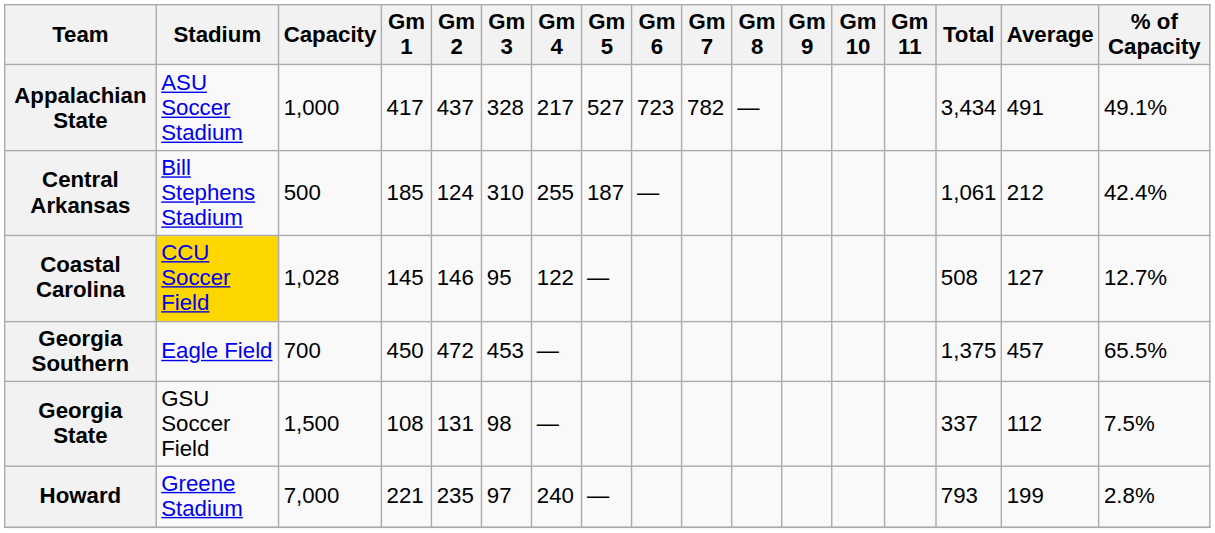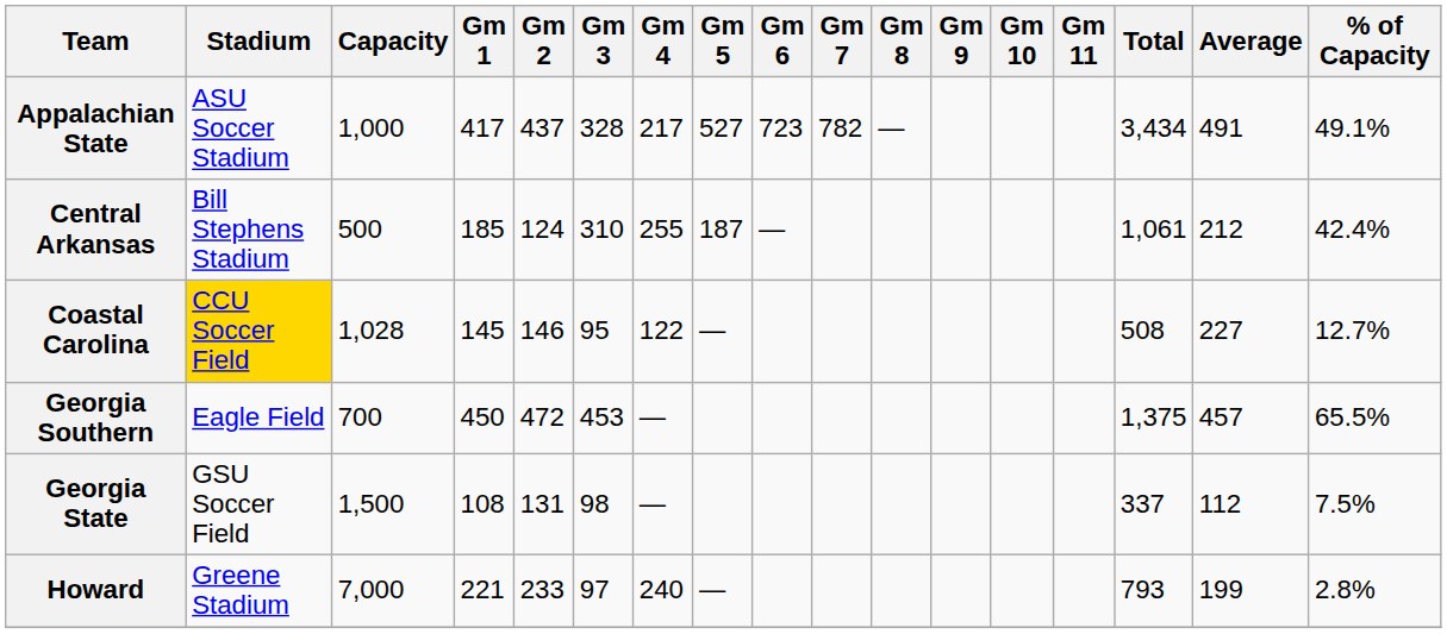 <table class="wikitable sortable">
 <tr>
 <th>Team</th>
 <th>Stadium</th>
 <th>Capacity</th>
 <th>Gm 1</th>
 <th>Gm 2</th>
 <th>Gm 3</th>
 <th>Gm 4</th>
 <th>Gm 5</th>
 <th>Gm 6</th>
 <th>Gm 7</th>
 <th>Gm 8</th>
 <th>Gm 9</th>
 <th>Gm 10</th>
 <th>Gm 11</th>
 <th>Total</th>
 <th>Average</th>
 <th>% of Capacity</th>
 </tr>
 <tr>
 <th>Appalachian State</th>
 <td><a href='#'>ASU Soccer Stadium</a></td>
 <td>1,000</td>
 <td>417</td>
 <td>437</td>
 <td>328</td>
 <td>217</td>
 <td>527</td>
 <td>723</td>
 <td>782</td>
 <td>—</td>
 <td></td>
 <td></td>
 <td></td>
 <td>3,434</td>
 <td>491</td>
 <td>49.1%</td>
 </tr>
 <tr>
 <th>Central Arkansas</th>
 <td><a href='#'>Bill Stephens Stadium</a></td>
 <td>500</td>
 <td>185</td>
 <td>124</td>
 <td>310</td>
 <td>255</td>
 <td>187</td>
 <td>—</td>
 <td></td>
 <td></td>
 <td></td>
 <td></td>
 <td></td>
 <td>1,061</td>
 <td>212</td>
 <td>42.4%</td>
 </tr>
 <tr>
 <th>Coastal Carolina</th>
 <td style="background: gold;"><a href='#'>CCU Soccer Field</a></td>
 <td>1,028</td>
 <td>145</td>
 <td>146</td>
 <td>95</td>
 <td>122</td>
 <td>—</td>
 <td></td>
 <td></td>
 <td></td>
 <td></td>
 <td></td>
 <td></td>
 <td>508</td>
-<td>127</td>
+<td>227</td>
 <td>12.7%</td>
 </tr>
 <tr>
 <th>Georgia Southern</th>
 <td><a href='#'>Eagle Field</a></td>
 <td>700</td>
 <td>450</td>
 <td>472</td>
 <td>453</td>
 <td>—</td>
 <td></td>
 <td></td>
 <td></td>
 <td></td>
 <td></td>
 <td></td>
 <td></td>
 <td>1,375</td>
 <td>457</td>
 <td>65.5%</td>
 </tr>
 <tr>
 <th>Georgia State</th>
 <td>GSU Soccer Field</td>
 <td>1,500</td>
 <td>108</td>
 <td>131</td>
 <td>98</td>
 <td>—</td>
 <td></td>
 <td></td>
 <td></td>
 <td></td>
 <td></td>
 <td></td>
 <td></td>
 <td>337</td>
 <td>112</td>
 <td>7.5%</td>
 </tr>
 <tr>
 <th>Howard</th>
 <td><a href='#'>Greene Stadium</a></td>
 <td>7,000</td>
 <td>221</td>
-<td>235</td>
+<td>233</td>
 <td>97</td>
 <td>240</td>
 <td>—</td>
 <td></td>
 <td></td>
 <td></td>
 <td></td>
 <td></td>
 <td></td>
 <td>793</td>
 <td>199</td>
 <td>2.8%</td>
 </tr>
 <tr>
 </tr>
 </table>
